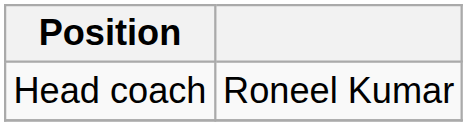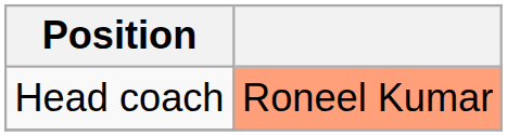 <table class="wikitable">
 <tr>
 <th>Position</th>
 <th></th>
 </tr>
 <tr>
 <td>Head coach</td>
-<td> Roneel Kumar</td>
+<td style="background: lightsalmon;"> Roneel Kumar</td>
 </tr>
 <tr>
 </tr>
 </table>
